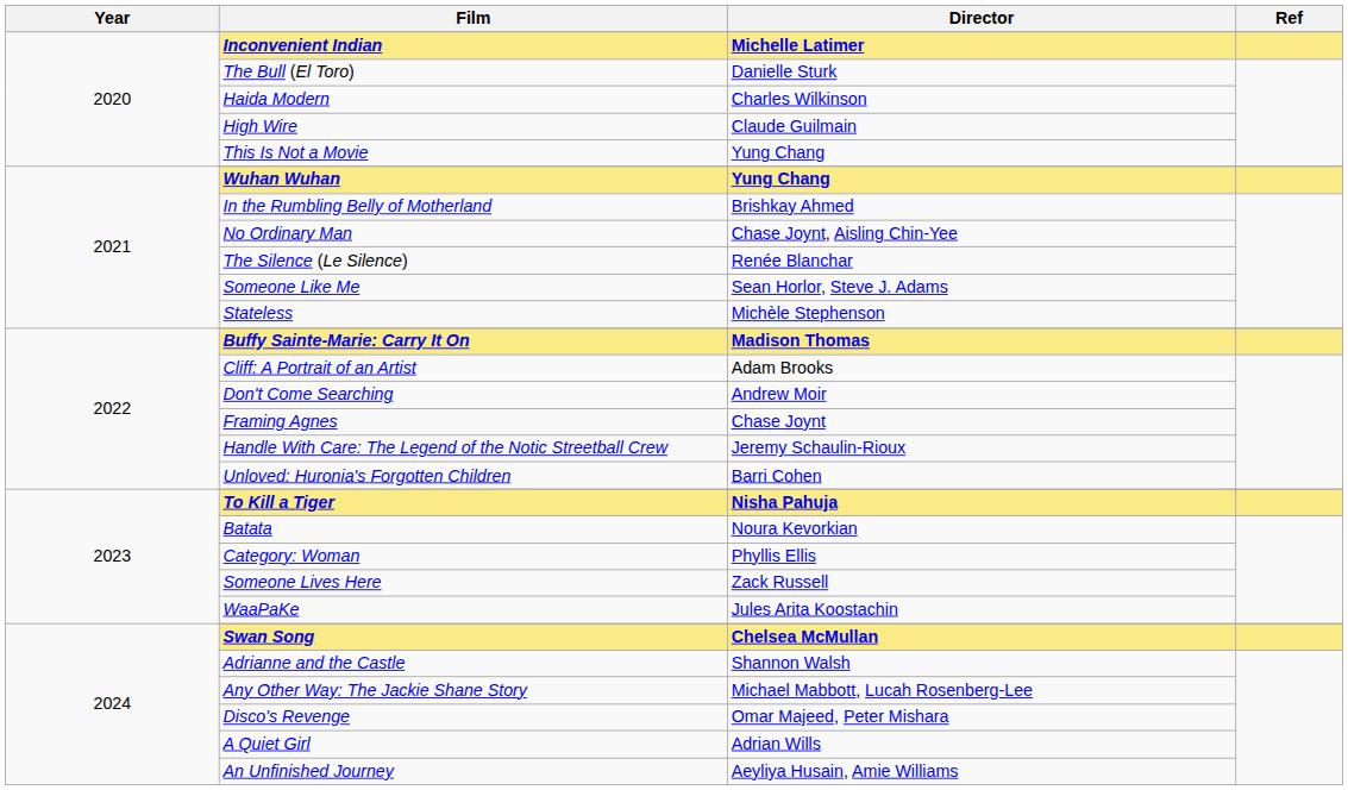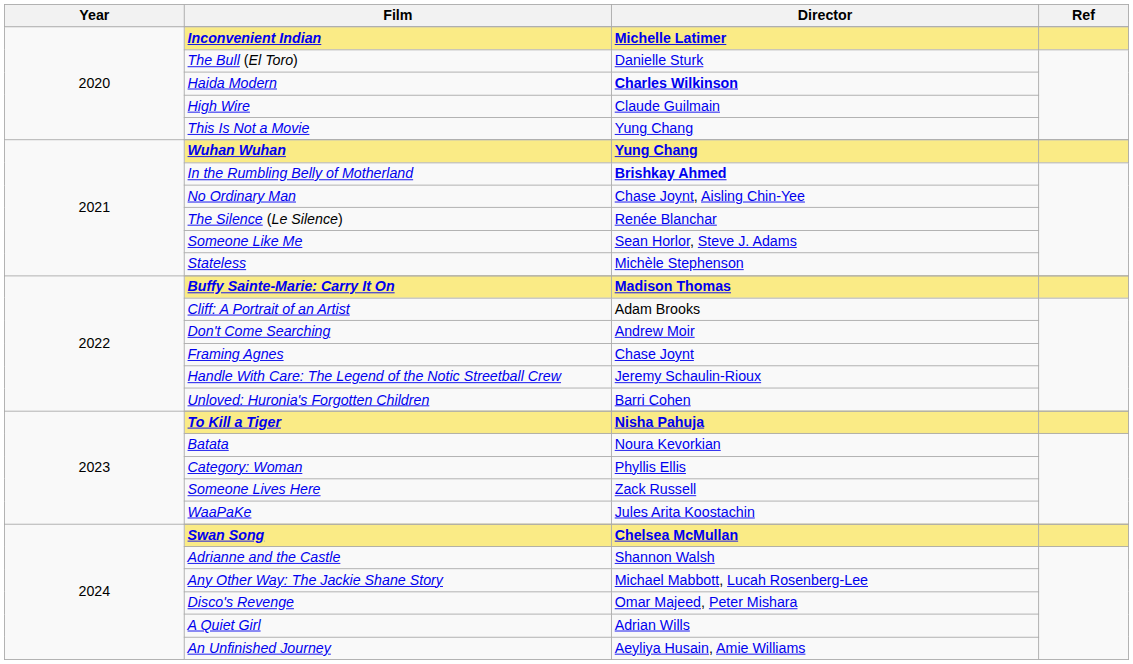 <table class="wikitable" style="width:100%;">
 <tr style="background:#bebebe;">
 <th style="width:8%;">Year</th>
 <th style="width:19%;">Film</th>
 <th style="width:19%;">Director</th>
 <th style="width:4%;">Ref</th>
 </tr>
 <tr>
 <td rowspan="6" align="center">2020</td>
 </tr>
 <tr style="background:#FAEB86">
 <td><strong><em><a href='#'>Inconvenient Indian</a></em></strong></td>
 <td><strong><a href='#'>Michelle Latimer</a></strong></td>
 <td></td>
 </tr>
 <tr>
 <td><em><a href='#'>The Bull</a></em> (<em>El Toro</em>)</td>
 <td><a href='#'>Danielle Sturk</a></td>
 <td rowspan=4></td>
 </tr>
 <tr>
 <td><em><a href='#'>Haida Modern</a></em></td>
-<td><a href='#'>Charles Wilkinson</a></td>
+<td><strong><a href='#'>Charles Wilkinson</a></strong></td>
 </tr>
 <tr>
 <td><em><a href='#'>High Wire</a></em></td>
 <td><a href='#'>Claude Guilmain</a></td>
 </tr>
 <tr>
 <td><em><a href='#'>This Is Not a Movie</a></em></td>
 <td><a href='#'>Yung Chang</a></td>
 </tr>
 <tr>
 <td rowspan="7" align="center">2021</td>
 </tr>
 <tr style="background:#FAEB86">
 <td><strong><em><a href='#'>Wuhan Wuhan</a></em></strong></td>
 <td><strong><a href='#'>Yung Chang</a></strong></td>
 <td></td>
 </tr>
 <tr>
 <td><em><a href='#'>In the Rumbling Belly of Motherland</a></em></td>
-<td><a href='#'>Brishkay Ahmed</a></td>
+<td><strong><a href='#'>Brishkay Ahmed</a></strong></td>
 <td rowspan=5></td>
 </tr>
 <tr>
 <td><em><a href='#'>No Ordinary Man</a></em></td>
 <td><a href='#'>Chase Joynt</a>, <a href='#'>Aisling Chin-Yee</a></td>
 </tr>
 <tr>
 <td><em><a href='#'>The Silence</a></em> (<em>Le Silence</em>)</td>
 <td><a href='#'>Renée Blanchar</a></td>
 </tr>
 <tr>
 <td><em><a href='#'>Someone Like Me</a></em></td>
 <td><a href='#'>Sean Horlor</a>, <a href='#'>Steve J. Adams</a></td>
 </tr>
 <tr>
 <td><em><a href='#'>Stateless</a></em></td>
 <td><a href='#'>Michèle Stephenson</a></td>
 </tr>
 <tr>
 <td rowspan="7" align="center">2022</td>
 </tr>
 <tr style="background:#FAEB86">
 <td><strong><em><a href='#'>Buffy Sainte-Marie: Carry It On</a></em></strong></td>
 <td><strong><a href='#'>Madison Thomas</a></strong></td>
 <td></td>
 </tr>
 <tr>
 <td><em><a href='#'>Cliff: A Portrait of an Artist</a></em></td>
 <td>Adam Brooks</td>
 <td rowspan=5></td>
 </tr>
 <tr>
 <td><em><a href='#'>Don't Come Searching</a></em></td>
 <td><a href='#'>Andrew Moir</a></td>
 </tr>
 <tr>
 <td><em><a href='#'>Framing Agnes</a></em></td>
 <td><a href='#'>Chase Joynt</a></td>
 </tr>
 <tr>
 <td><em><a href='#'>Handle With Care: The Legend of the Notic Streetball Crew</a></em></td>
 <td><a href='#'>Jeremy Schaulin-Rioux</a></td>
 </tr>
 <tr>
 <td><em><a href='#'>Unloved: Huronia's Forgotten Children</a></em></td>
 <td><a href='#'>Barri Cohen</a></td>
 </tr>
 <tr>
 <td rowspan="6" align="center">2023</td>
 </tr>
 <tr style="background:#FAEB86">
 <td><strong><em><a href='#'>To Kill a Tiger</a></em></strong></td>
 <td><strong><a href='#'>Nisha Pahuja</a></strong></td>
 <td></td>
 </tr>
 <tr>
 <td><em><a href='#'>Batata</a></em></td>
 <td><a href='#'>Noura Kevorkian</a></td>
 <td rowspan=4></td>
 </tr>
 <tr>
 <td><em><a href='#'>Category: Woman</a></em></td>
 <td><a href='#'>Phyllis Ellis</a></td>
 </tr>
 <tr>
 <td><em><a href='#'>Someone Lives Here</a></em></td>
 <td><a href='#'>Zack Russell</a></td>
 </tr>
 <tr>
 <td><em><a href='#'>WaaPaKe</a></em></td>
 <td><a href='#'>Jules Arita Koostachin</a></td>
 </tr>
 <tr>
 <td rowspan="7" align="center">2024</td>
 </tr>
 <tr style="background:#FAEB86">
 <td><strong><em><a href='#'>Swan Song</a></em></strong></td>
 <td><strong><a href='#'>Chelsea McMullan</a></strong></td>
 <td></td>
 </tr>
 <tr>
 <td><em><a href='#'>Adrianne and the Castle</a></em></td>
 <td><a href='#'>Shannon Walsh</a></td>
 <td rowspan=5></td>
 </tr>
 <tr>
 <td><em><a href='#'>Any Other Way: The Jackie Shane Story</a></em></td>
 <td><a href='#'>Michael Mabbott</a>, <a href='#'>Lucah Rosenberg-Lee</a></td>
 </tr>
 <tr>
 <td><em><a href='#'>Disco's Revenge</a></em></td>
 <td><a href='#'>Omar Majeed</a>, <a href='#'>Peter Mishara</a></td>
 </tr>
 <tr>
 <td><em><a href='#'>A Quiet Girl</a></em></td>
 <td><a href='#'>Adrian Wills</a></td>
 </tr>
 <tr>
 <td><em><a href='#'>An Unfinished Journey</a></em></td>
 <td><a href='#'>Aeyliya Husain</a>, <a href='#'>Amie Williams</a></td>
 </tr>
 </table>
